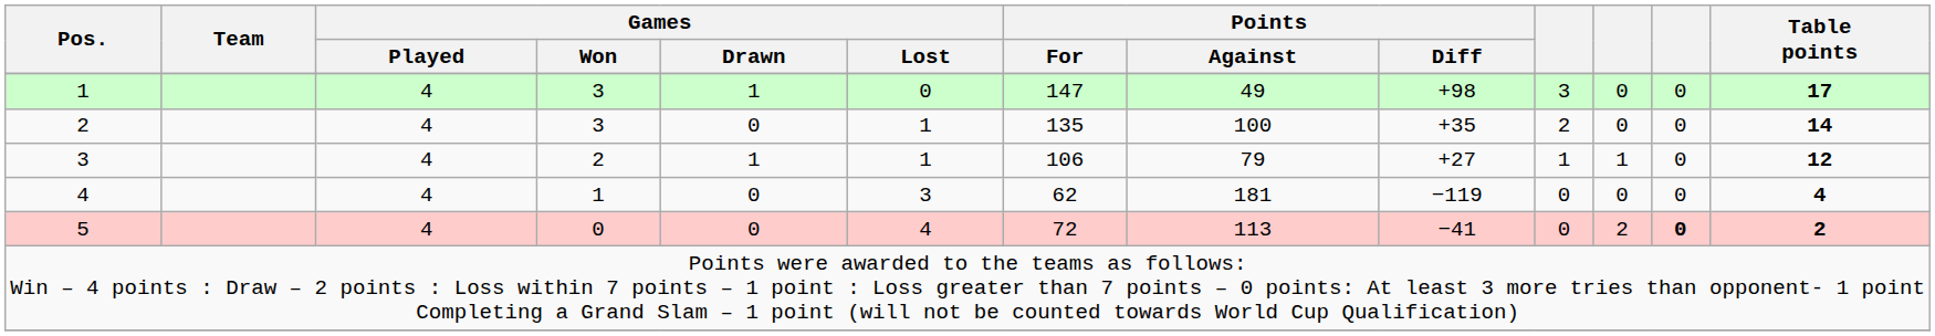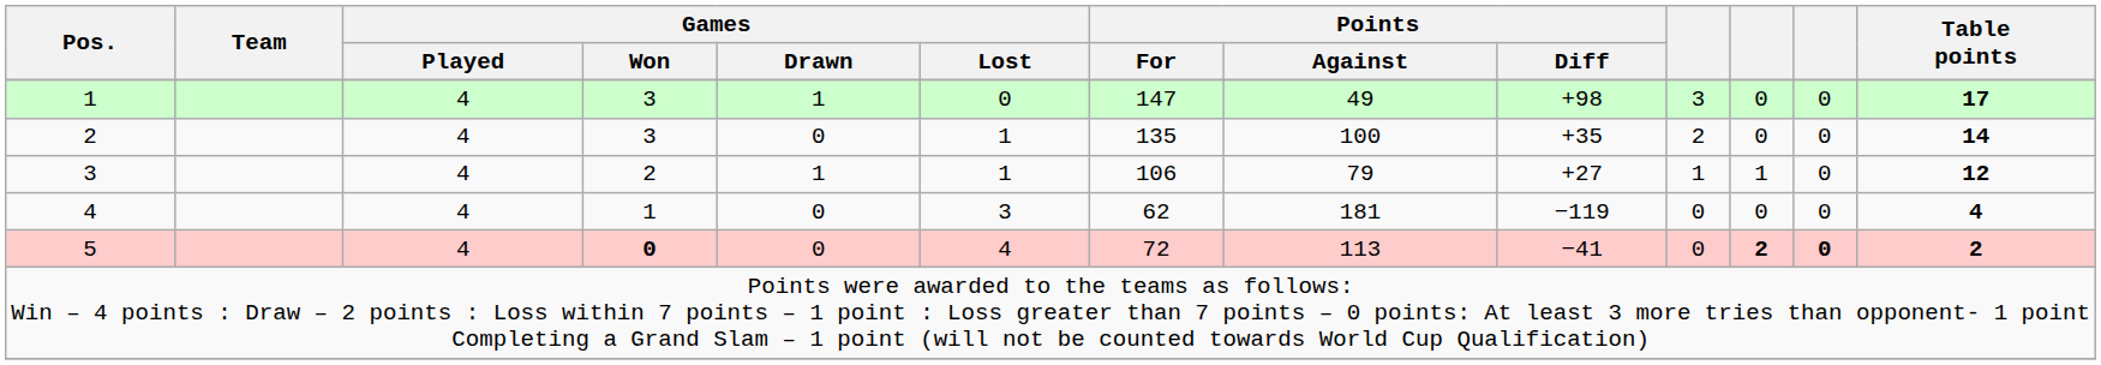 <table class="wikitable" style="text-align:center">
 <tr>
 <th rowspan="2">Pos.</th>
 <th rowspan="2">Team</th>
 <th colspan="4">Games</th>
 <th colspan="3">Points</th>
 <th rowspan="2"></th>
 <th rowspan="2"></th>
 <th rowspan="2"></th>
 <th rowspan="2">Table<br>points</th>
 </tr>
 <tr>
 <th>Played</th>
 <th>Won</th>
 <th>Drawn</th>
 <th>Lost</th>
 <th>For</th>
 <th>Against</th>
 <th>Diff</th>
 </tr>
 <tr>
 </tr>
 <tr align=center bgcolor=ccffcc>
 <td>1</td>
 <td align=left></td>
 <td>4</td>
 <td>3</td>
 <td>1</td>
 <td>0</td>
 <td>147</td>
 <td>49</td>
 <td>+98</td>
 <td>3</td>
 <td>0</td>
 <td>0</td>
 <td><strong>17</strong></td>
 </tr>
 <tr align=center>
 <td>2</td>
 <td align=left></td>
 <td>4</td>
 <td>3</td>
 <td>0</td>
 <td>1</td>
 <td>135</td>
 <td>100</td>
 <td>+35</td>
 <td>2</td>
 <td>0</td>
 <td>0</td>
 <td><strong>14</strong></td>
 </tr>
 <tr align=center>
 <td>3</td>
 <td align=left></td>
 <td>4</td>
 <td>2</td>
 <td>1</td>
 <td>1</td>
 <td>106</td>
 <td>79</td>
 <td>+27</td>
 <td>1</td>
 <td>1</td>
 <td>0</td>
 <td><strong>12</strong></td>
 </tr>
 <tr align=center>
 <td>4</td>
 <td align=left></td>
 <td>4</td>
 <td>1</td>
 <td>0</td>
 <td>3</td>
 <td>62</td>
 <td>181</td>
 <td>−119</td>
 <td>0</td>
 <td>0</td>
 <td>0</td>
 <td><strong>4</strong></td>
 </tr>
 <tr align=center  bgcolor="#ffcccc">
 <td>5</td>
 <td align=left></td>
 <td>4</td>
-<td>0</td>
+<td><strong>0</strong></td>
 <td>0</td>
 <td>4</td>
 <td>72</td>
 <td>113</td>
 <td>−41</td>
 <td>0</td>
-<td>2</td>
+<td><strong>2</strong></td>
 <td><strong>0</strong></td>
 <td><strong>2</strong></td>
 </tr>
 <tr>
 <td colspan="100%" style="text-align:center;">Points were awarded to the teams as follows:<br>Win – 4 points : Draw – 2 points  : Loss within 7 points – 1 point : Loss greater than 7 points – 0 points: At least 3 more tries than opponent- 1 point<br>Completing a Grand Slam – 1 point (will not be counted towards World Cup Qualification)</td>
 </tr>
 <tr>
 </tr>
 </table>
